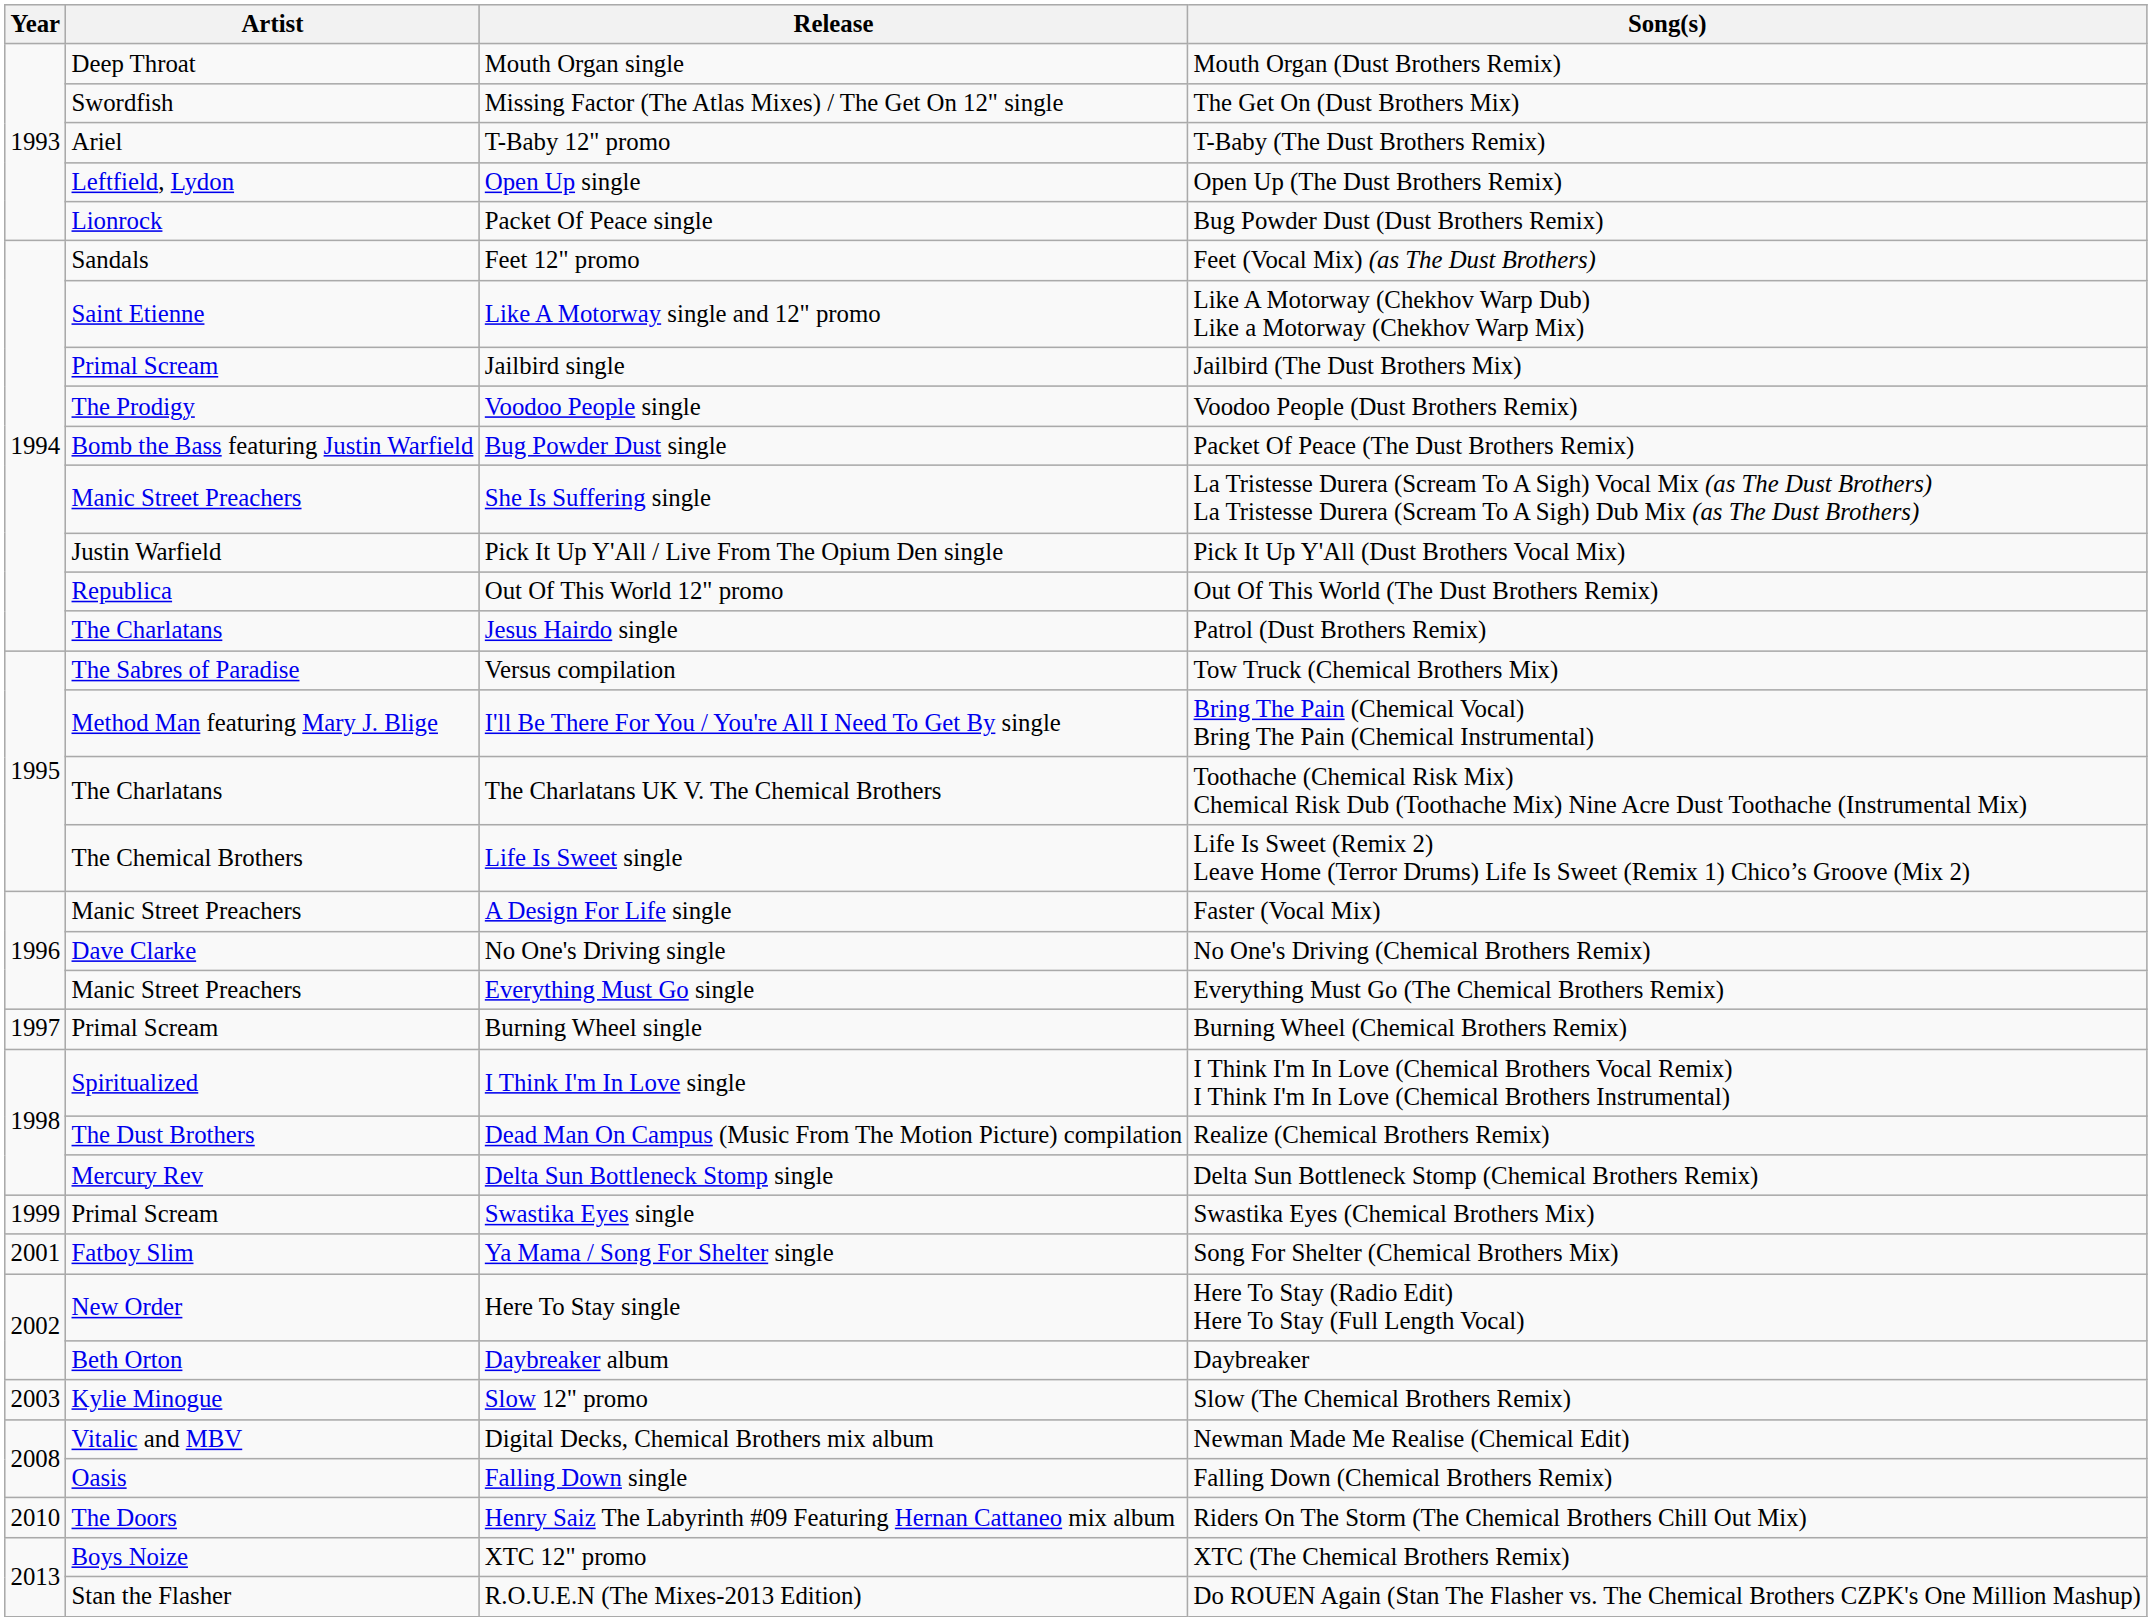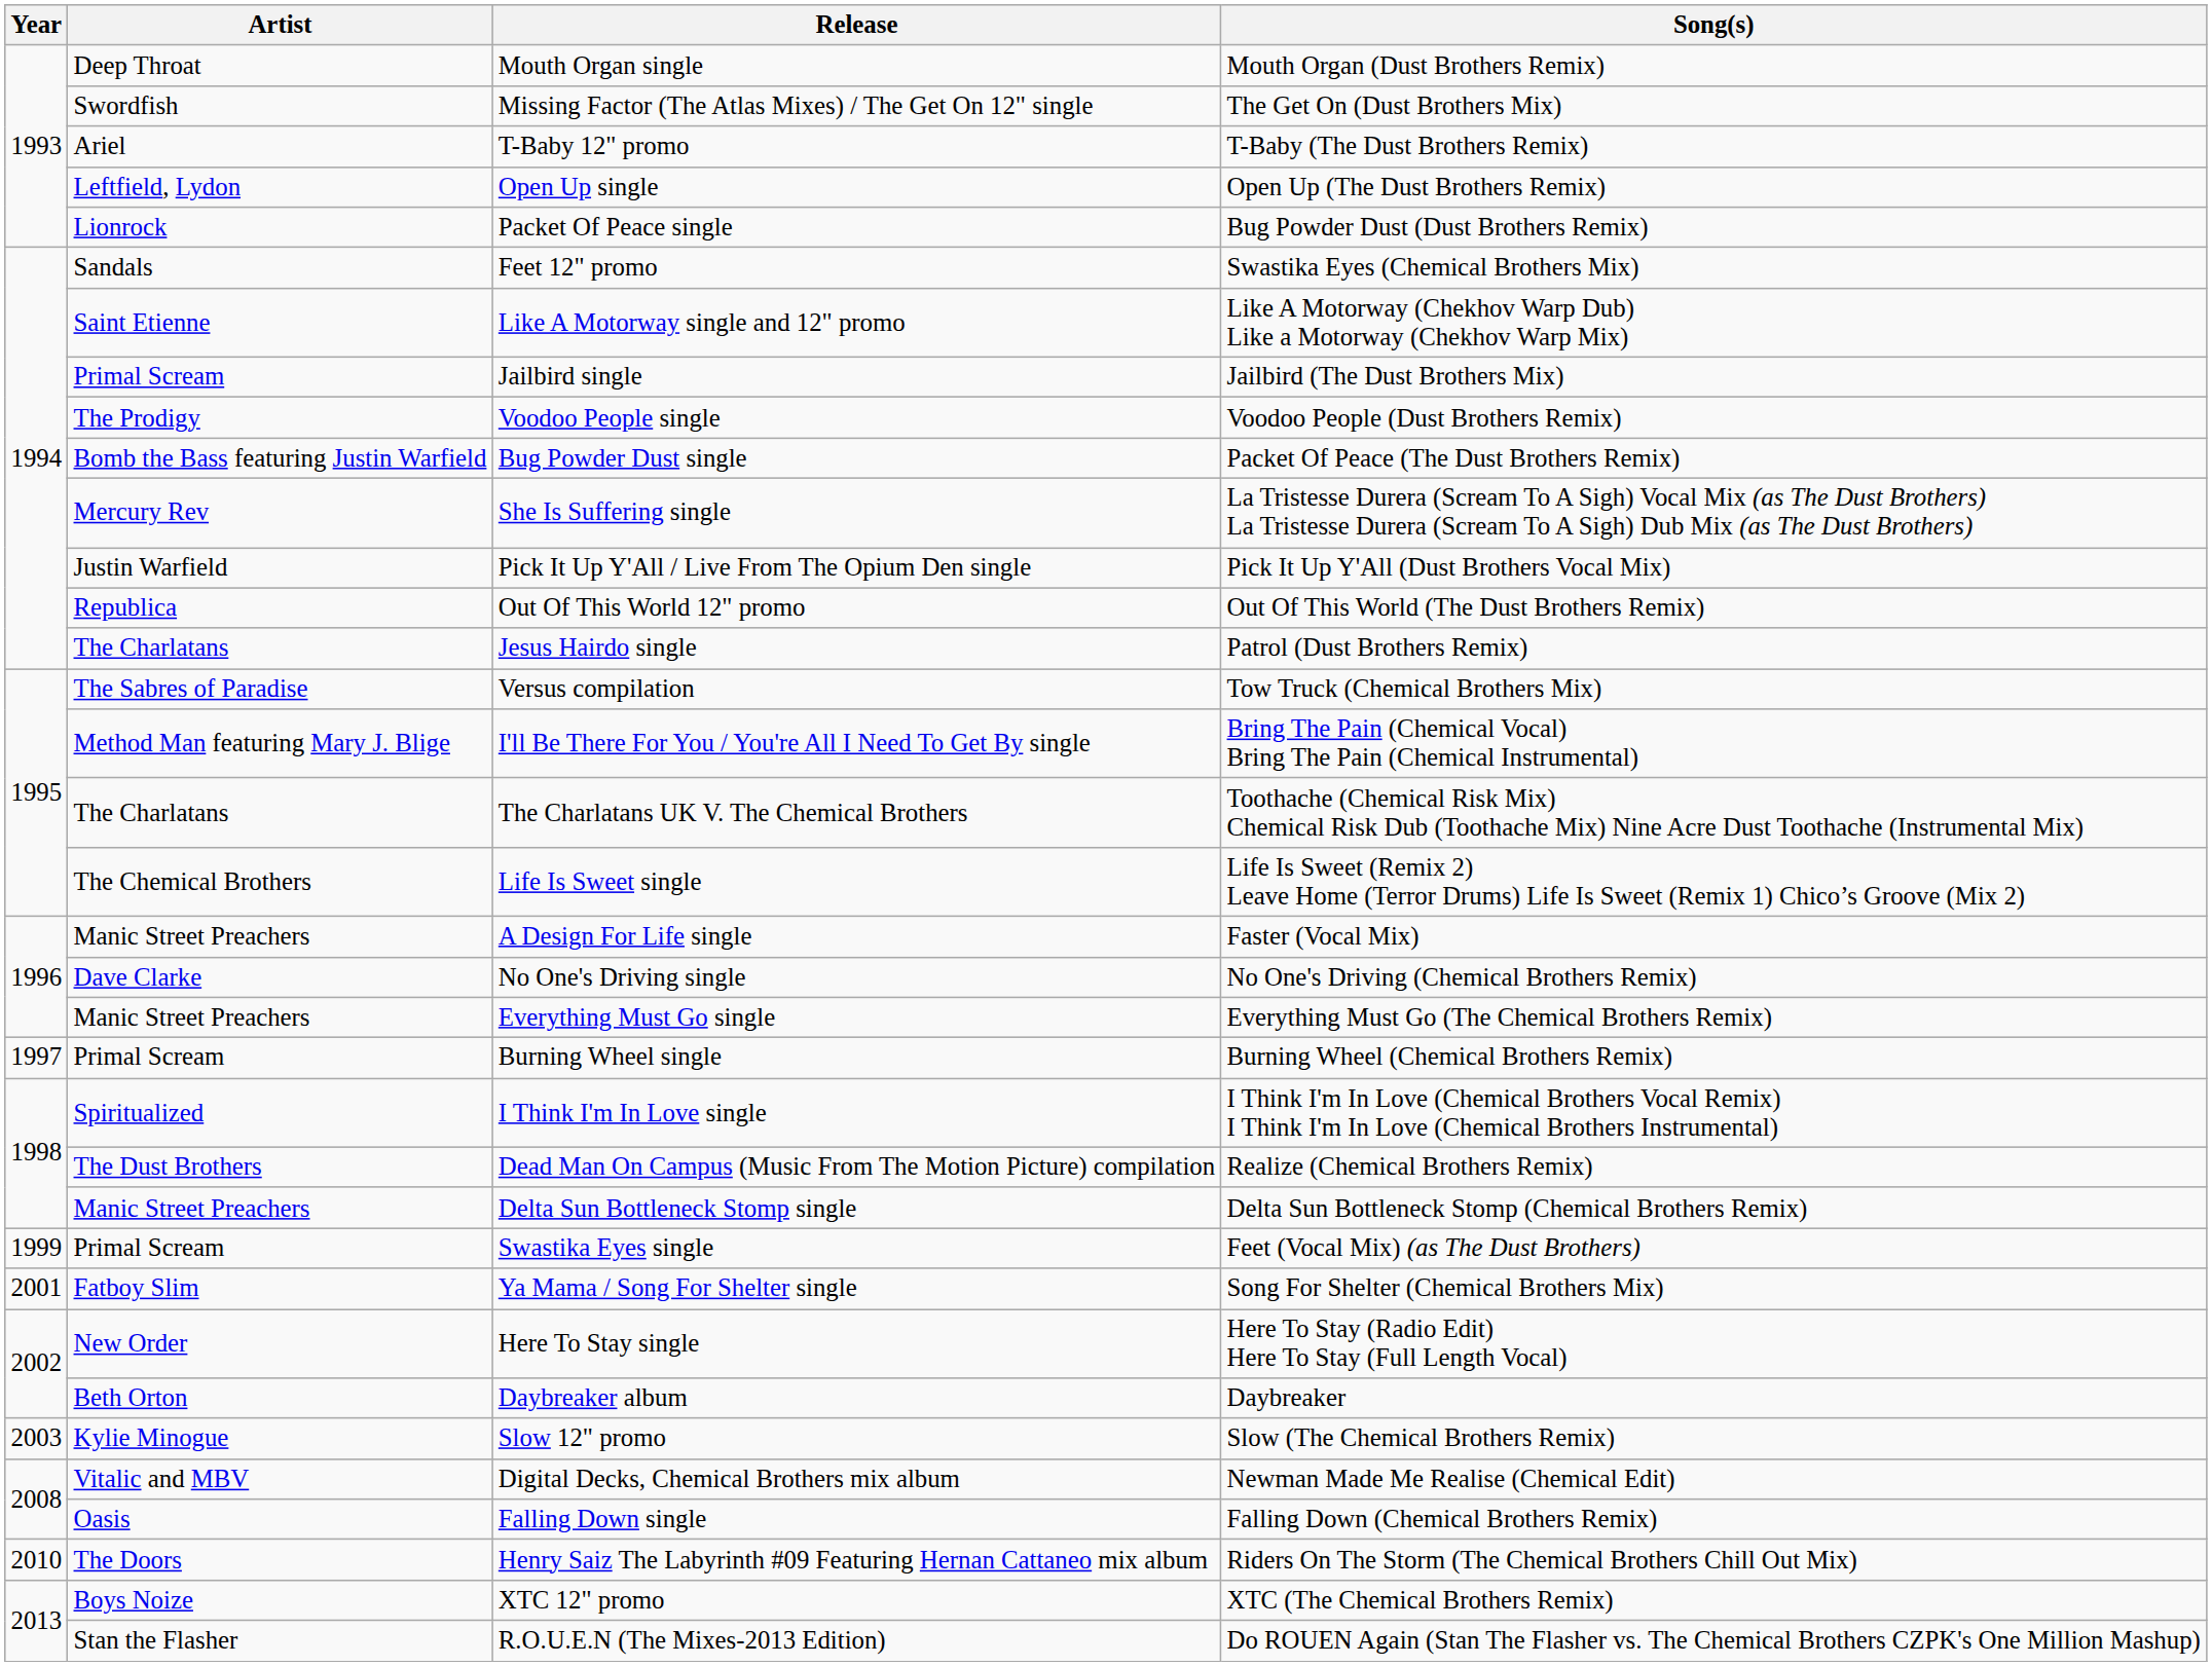 <table class="wikitable">
 <tr>
 <th>Year</th>
 <th>Artist</th>
 <th>Release</th>
 <th>Song(s)</th>
 </tr>
 <tr>
 <td rowspan="5">1993</td>
 <td>Deep Throat</td>
 <td>Mouth Organ single</td>
 <td>Mouth Organ (Dust Brothers Remix)</td>
 </tr>
 <tr>
 <td>Swordfish</td>
 <td>Missing Factor (The Atlas Mixes) / The Get On 12" single</td>
 <td>The Get On (Dust Brothers Mix)</td>
 </tr>
 <tr>
 <td>Ariel</td>
 <td>T-Baby 12" promo</td>
 <td>T-Baby (The Dust Brothers Remix)</td>
 </tr>
 <tr>
 <td><a href='#'>Leftfield</a>, <a href='#'>Lydon</a></td>
 <td><a href='#'>Open Up</a> single</td>
 <td>Open Up (The Dust Brothers Remix)</td>
 </tr>
 <tr>
 <td><a href='#'>Lionrock</a></td>
 <td>Packet Of Peace single</td>
 <td>Bug Powder Dust (Dust Brothers Remix)</td>
 </tr>
 <tr>
 <td rowspan="9">1994</td>
 <td>Sandals</td>
 <td>Feet 12" promo</td>
-<td>Feet (Vocal Mix) <em>(as The Dust Brothers)</em></td>
+<td>Swastika Eyes (Chemical Brothers Mix)</td>
 </tr>
 <tr>
 <td><a href='#'>Saint Etienne</a></td>
 <td><a href='#'>Like A Motorway</a> single and 12" promo</td>
 <td>Like A Motorway (Chekhov Warp Dub)<br>Like a Motorway (Chekhov Warp Mix)</td>
 </tr>
 <tr>
 <td><a href='#'>Primal Scream</a></td>
 <td>Jailbird single</td>
 <td>Jailbird (The Dust Brothers Mix)</td>
 </tr>
 <tr>
 <td><a href='#'>The Prodigy</a></td>
 <td><a href='#'>Voodoo People</a> single</td>
 <td>Voodoo People (Dust Brothers Remix)</td>
 </tr>
 <tr>
 <td><a href='#'>Bomb the Bass</a> featuring <a href='#'>Justin Warfield</a></td>
 <td><a href='#'>Bug Powder Dust</a> single</td>
 <td>Packet Of Peace (The Dust Brothers Remix)</td>
 </tr>
 <tr>
-<td><a href='#'>Manic Street Preachers</a></td>
+<td><a href='#'>Mercury Rev</a></td>
 <td><a href='#'>She Is Suffering</a> single</td>
 <td>La Tristesse Durera (Scream To A Sigh) Vocal Mix <em>(as The Dust Brothers)</em><br>La Tristesse Durera (Scream To A Sigh) Dub Mix <em>(as The Dust Brothers)</em></td>
 </tr>
 <tr>
 <td>Justin Warfield</td>
 <td>Pick It Up Y'All / Live From The Opium Den single</td>
 <td>Pick It Up Y'All (Dust Brothers Vocal Mix)</td>
 </tr>
 <tr>
 <td><a href='#'>Republica</a></td>
 <td>Out Of This World 12" promo</td>
 <td>Out Of This World (The Dust Brothers Remix)</td>
 </tr>
 <tr>
 <td><a href='#'>The Charlatans</a></td>
 <td><a href='#'>Jesus Hairdo</a> single</td>
 <td>Patrol (Dust Brothers Remix)</td>
 </tr>
 <tr>
 <td rowspan="4">1995</td>
 <td><a href='#'>The Sabres of Paradise</a></td>
 <td>Versus compilation</td>
 <td>Tow Truck (Chemical Brothers Mix)</td>
 </tr>
 <tr>
 <td><a href='#'>Method Man</a> featuring <a href='#'>Mary J. Blige</a></td>
 <td><a href='#'>I'll Be There For You / You're All I Need To Get By</a> single</td>
 <td><a href='#'>Bring The Pain</a> (Chemical Vocal)<br>Bring The Pain (Chemical Instrumental)</td>
 </tr>
 <tr>
 <td>The Charlatans</td>
 <td>The Charlatans UK V. The Chemical Brothers</td>
 <td>Toothache (Chemical Risk Mix)<br>Chemical Risk Dub (Toothache Mix) Nine Acre Dust Toothache (Instrumental Mix)</td>
 </tr>
 <tr>
 <td>The Chemical Brothers</td>
 <td><a href='#'>Life Is Sweet</a> single</td>
 <td>Life Is Sweet (Remix 2)<br>Leave Home (Terror Drums) Life Is Sweet (Remix 1) Chico’s Groove (Mix 2)</td>
 </tr>
 <tr>
 <td rowspan="3">1996</td>
 <td>Manic Street Preachers</td>
 <td><a href='#'>A Design For Life</a> single</td>
 <td>Faster (Vocal Mix)</td>
 </tr>
 <tr>
 <td><a href='#'>Dave Clarke</a></td>
 <td>No One's Driving single</td>
 <td>No One's Driving (Chemical Brothers Remix)</td>
 </tr>
 <tr>
 <td>Manic Street Preachers</td>
 <td><a href='#'>Everything Must Go</a> single</td>
 <td>Everything Must Go (The Chemical Brothers Remix)</td>
 </tr>
 <tr>
 <td>1997</td>
 <td>Primal Scream</td>
 <td>Burning Wheel single</td>
 <td>Burning Wheel (Chemical Brothers Remix)</td>
 </tr>
 <tr>
 <td rowspan="3">1998</td>
 <td><a href='#'>Spiritualized</a></td>
 <td><a href='#'>I Think I'm In Love</a> single</td>
 <td>I Think I'm In Love (Chemical Brothers Vocal Remix)<br>I Think I'm In Love (Chemical Brothers Instrumental)</td>
 </tr>
 <tr>
 <td><a href='#'>The Dust Brothers</a></td>
 <td><a href='#'>Dead Man On Campus</a> (Music From The Motion Picture) compilation</td>
 <td>Realize (Chemical Brothers Remix)</td>
 </tr>
 <tr>
-<td><a href='#'>Mercury Rev</a></td>
+<td><a href='#'>Manic Street Preachers</a></td>
 <td><a href='#'>Delta Sun Bottleneck Stomp</a> single</td>
 <td>Delta Sun Bottleneck Stomp (Chemical Brothers Remix)</td>
 </tr>
 <tr>
 <td>1999</td>
 <td>Primal Scream</td>
 <td><a href='#'>Swastika Eyes</a> single</td>
-<td>Swastika Eyes (Chemical Brothers Mix)</td>
+<td>Feet (Vocal Mix) <em>(as The Dust Brothers)</em></td>
 </tr>
 <tr>
 <td>2001</td>
 <td><a href='#'>Fatboy Slim</a></td>
 <td><a href='#'>Ya Mama / Song For Shelter</a> single</td>
 <td>Song For Shelter (Chemical Brothers Mix)</td>
 </tr>
 <tr>
 <td rowspan="2">2002</td>
 <td><a href='#'>New Order</a></td>
 <td>Here To Stay single</td>
 <td>Here To Stay (Radio Edit)<br>Here To Stay (Full Length Vocal)</td>
 </tr>
 <tr>
 <td><a href='#'>Beth Orton</a></td>
 <td><a href='#'>Daybreaker</a> album</td>
 <td>Daybreaker</td>
 </tr>
 <tr>
 <td>2003</td>
 <td><a href='#'>Kylie Minogue</a></td>
 <td><a href='#'>Slow</a> 12" promo</td>
 <td>Slow (The Chemical Brothers Remix)</td>
 </tr>
 <tr>
 <td rowspan="2">2008</td>
 <td><a href='#'>Vitalic</a> and <a href='#'>MBV</a></td>
 <td>Digital Decks, Chemical Brothers mix album</td>
 <td>Newman Made Me Realise (Chemical Edit)</td>
 </tr>
 <tr>
 <td><a href='#'>Oasis</a></td>
 <td><a href='#'>Falling Down</a> single</td>
 <td>Falling Down (Chemical Brothers Remix)</td>
 </tr>
 <tr>
 <td>2010</td>
 <td><a href='#'>The Doors</a></td>
 <td><a href='#'>Henry Saiz</a> The Labyrinth #09 Featuring <a href='#'>Hernan Cattaneo</a> mix album</td>
 <td>Riders On The Storm (The Chemical Brothers Chill Out Mix)</td>
 </tr>
 <tr>
 <td rowspan="2">2013</td>
 <td><a href='#'>Boys Noize</a></td>
 <td>XTC 12" promo</td>
 <td>XTC (The Chemical Brothers Remix)</td>
 </tr>
 <tr>
 <td>Stan the Flasher</td>
 <td>R.O.U.E.N (The Mixes-2013 Edition)</td>
 <td>Do ROUEN Again (Stan The Flasher vs. The Chemical Brothers CZPK's One Million Mashup)</td>
 </tr>
 </table>
